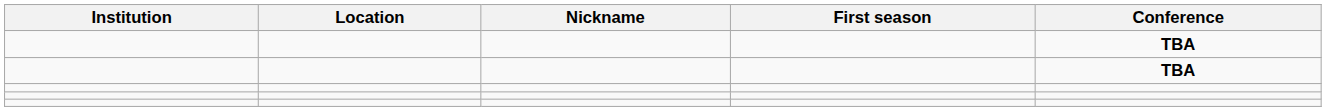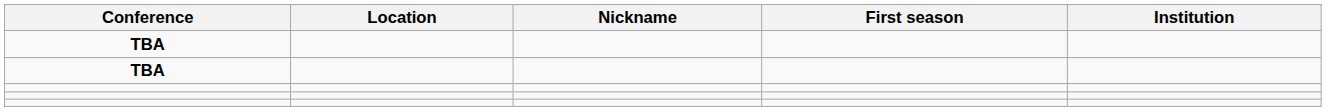 <table class="sortable wikitable" width =80%>
 <tr>
-<th>Institution</th>
+<th>Conference</th>
 <th>Location</th>
 <th>Nickname</th>
 <th>First season</th>
-<th>Conference</th>
+<th>Institution</th>
 </tr>
 <tr align="center">
+<td><strong>TBA</strong></td>
 <td><strong><a href='#'></a></strong></td>
 <td><strong><a href='#'></a></strong></td>
 <td><strong><a href='#'></a></strong></td>
 <td><strong><a href='#'></a></strong></td>
-<td><strong>TBA</strong></td>
 </tr>
 <tr align="center">
+<td><strong>TBA</strong></td>
 <td><strong><a href='#'></a></strong></td>
 <td><strong><a href='#'></a></strong></td>
 <td><strong><a href='#'></a></strong></td>
 <td><strong><a href='#'></a></strong></td>
-<td><strong>TBA</strong></td>
 </tr>
 <tr align="center">
 <td><strong><a href='#'></a></strong></td>
 <td><strong><a href='#'></a></strong></td>
 <td><strong><a href='#'></a></strong></td>
 <td><strong><a href='#'></a></strong> </td>
 <td><strong><a href='#'></a></strong></td>
 </tr>
 <tr align="center">
 <td><strong><a href='#'></a></strong></td>
 <td><strong><a href='#'></a></strong></td>
 <td><strong><a href='#'></a></strong></td>
 <td><strong><a href='#'></a></strong></td>
 <td><strong><a href='#'></a></strong></td>
 </tr>
 <tr align="center">
 <td><strong><a href='#'></a></strong></td>
 <td><strong><a href='#'></a></strong></td>
 <td><strong><a href='#'></a></strong></td>
 <td><strong><a href='#'></a></strong></td>
 <td><strong><a href='#'></a></strong></td>
 </tr>
 </table>
